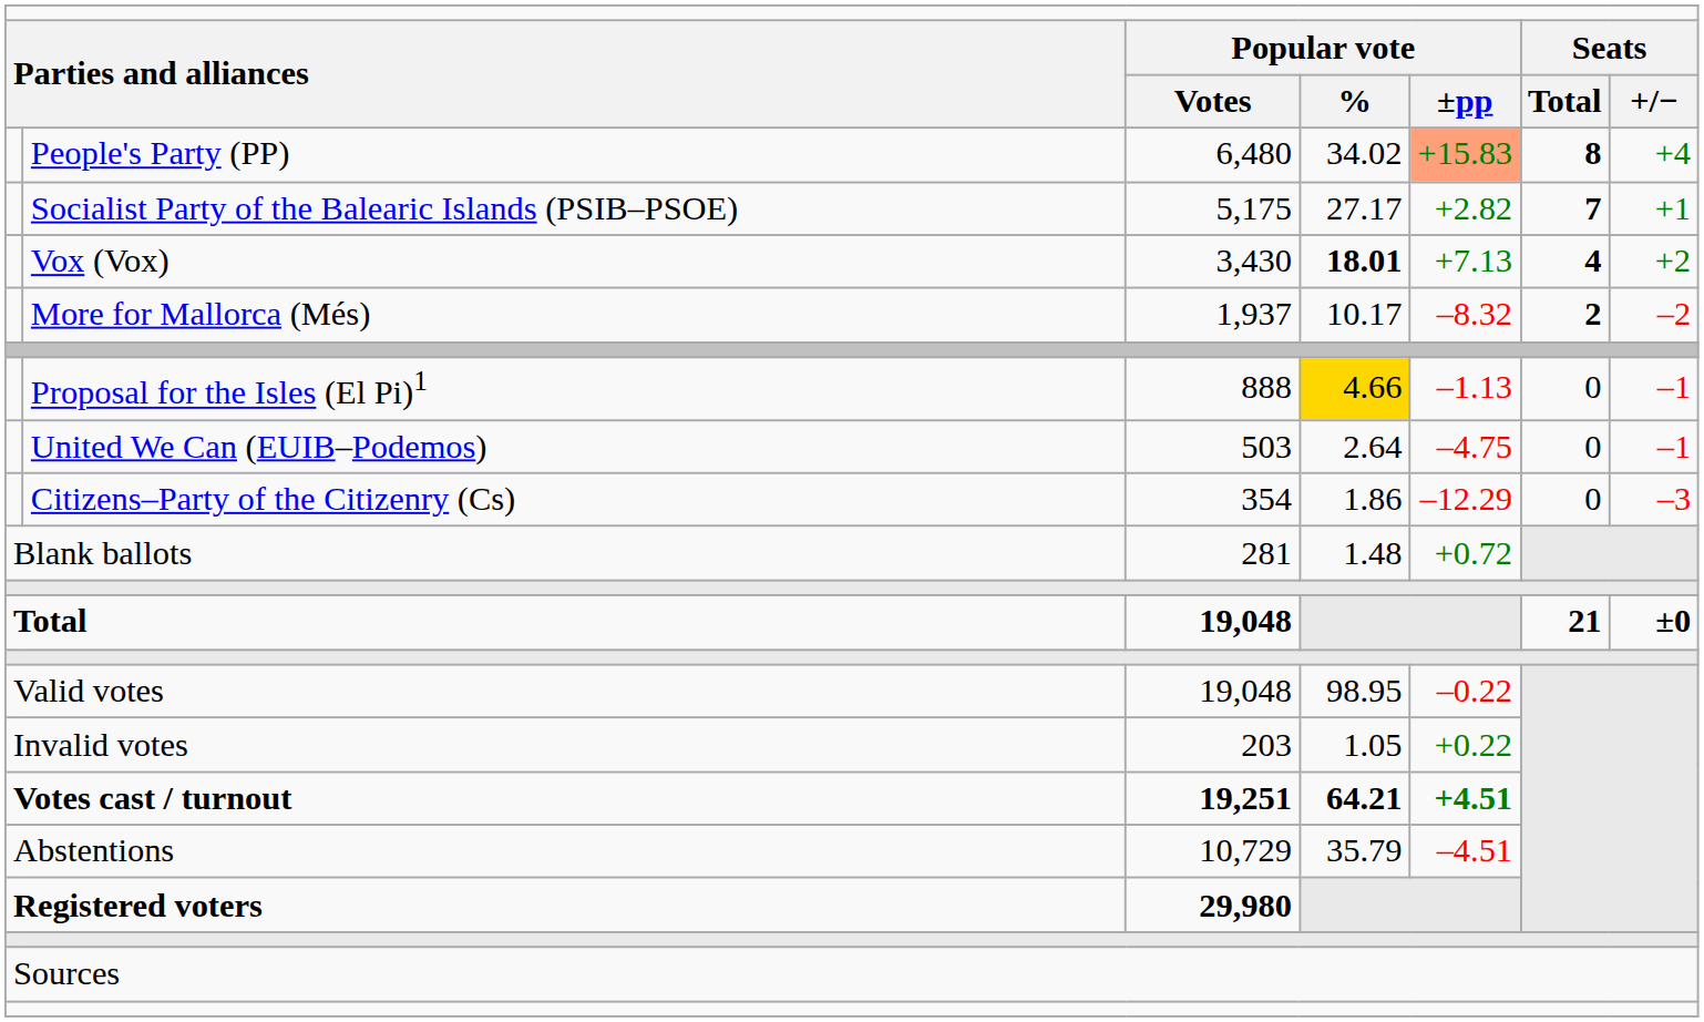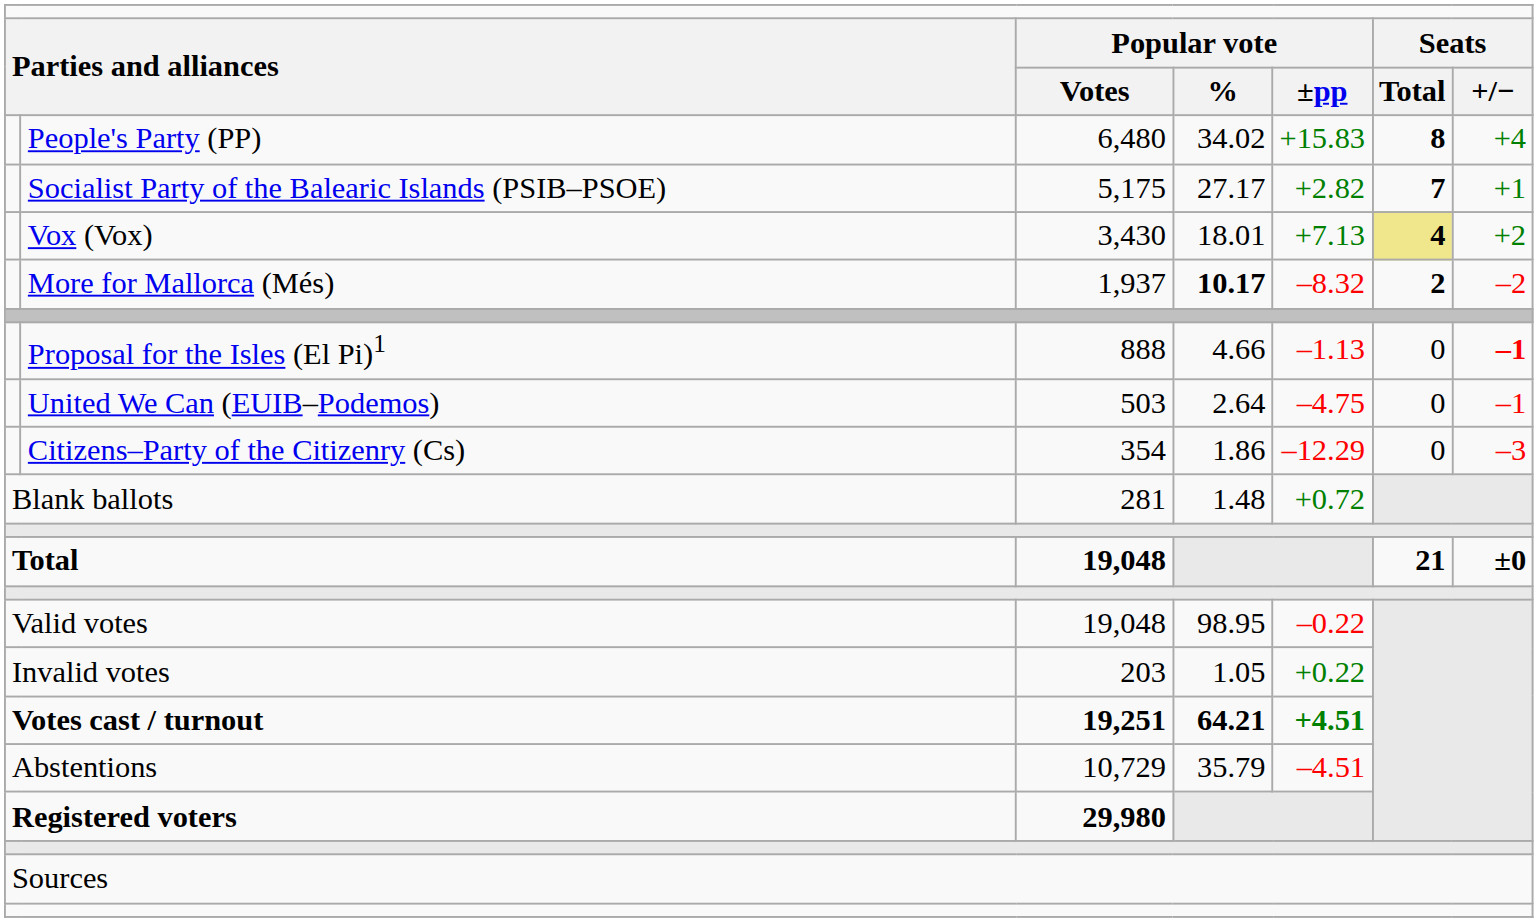 <table class="wikitable" style="text-align:right;">
 <tr>
 <td colspan="7"></td>
 </tr>
 <tr>
 <th style="text-align:left;" rowspan="2" colspan="2" width="525">Parties and alliances</th>
 <th colspan="3">Popular vote</th>
 <th colspan="2">Seats</th>
 </tr>
 <tr>
 <th width="75">Votes</th>
 <th width="45">%</th>
 <th width="45">±<a href='#'>pp</a></th>
 <th width="35">Total</th>
 <th width="35">+/−</th>
 </tr>
 <tr>
 <td width="1" style="color:inherit;background:"></td>
 <td align="left"><a href='#'>People's Party</a> (PP)</td>
 <td>6,480</td>
 <td>34.02</td>
-<td style="background: lightsalmon; color:green;">+15.83</td>
+<td style="color:green;">+15.83</td>
 <td><strong>8</strong></td>
 <td style="color:green;">+4</td>
 </tr>
 <tr>
 <td style="color:inherit;background:"></td>
 <td align="left"><a href='#'>Socialist Party of the Balearic Islands</a> (PSIB–PSOE)</td>
 <td>5,175</td>
 <td>27.17</td>
 <td style="color:green;">+2.82</td>
 <td><strong>7</strong></td>
 <td style="color:green;">+1</td>
 </tr>
 <tr>
 <td style="color:inherit;background:"></td>
 <td align="left"><a href='#'>Vox</a> (Vox)</td>
 <td>3,430</td>
-<td><strong>18.01</strong></td>
+<td>18.01</td>
 <td style="color:green;">+7.13</td>
-<td><strong>4</strong></td>
+<td style="background: khaki;"><strong>4</strong></td>
 <td style="color:green;">+2</td>
 </tr>
 <tr>
 <td style="color:inherit;background:"></td>
 <td align="left"><a href='#'>More for Mallorca</a> (Més)</td>
 <td>1,937</td>
-<td>10.17</td>
+<td><strong>10.17</strong></td>
 <td style="color:red;">–8.32</td>
 <td><strong>2</strong></td>
 <td style="color:red;">–2</td>
 </tr>
 <tr>
 <td colspan="7" bgcolor="#C0C0C0"></td>
 </tr>
 <tr>
 <td style="color:inherit;background:"></td>
 <td align="left"><a href='#'>Proposal for the Isles</a> (El Pi)<sup>1</sup></td>
 <td>888</td>
-<td style="background: gold;">4.66</td>
+<td>4.66</td>
 <td style="color:red;">–1.13</td>
 <td>0</td>
-<td style="color:red;">–1</td>
+<td style="color:red;"><strong>–1</strong></td>
 </tr>
 <tr>
 <td style="color:inherit;background:"></td>
 <td align="left"><a href='#'>United We Can</a> (<a href='#'>EUIB</a>–<a href='#'>Podemos</a>)</td>
 <td>503</td>
 <td>2.64</td>
 <td style="color:red;">–4.75</td>
 <td>0</td>
 <td style="color:red;">–1</td>
 </tr>
 <tr>
 <td style="color:inherit;background:"></td>
 <td align="left"><a href='#'>Citizens–Party of the Citizenry</a> (Cs)</td>
 <td>354</td>
 <td>1.86</td>
 <td style="color:red;">–12.29</td>
 <td>0</td>
 <td style="color:red;">–3</td>
 </tr>
 <tr>
 <td align="left" colspan="2">Blank ballots</td>
 <td>281</td>
 <td>1.48</td>
 <td style="color:green;">+0.72</td>
 <td bgcolor="#E9E9E9" colspan="2"></td>
 </tr>
 <tr>
 <td colspan="7" bgcolor="#E9E9E9"></td>
 </tr>
 <tr style="font-weight:bold;">
 <td align="left" colspan="2">Total</td>
 <td>19,048</td>
 <td bgcolor="#E9E9E9" colspan="2"></td>
 <td>21</td>
 <td>±0</td>
 </tr>
 <tr>
 <td colspan="7" bgcolor="#E9E9E9"></td>
 </tr>
 <tr>
 <td align="left" colspan="2">Valid votes</td>
 <td>19,048</td>
 <td>98.95</td>
 <td style="color:red;">–0.22</td>
 <td bgcolor="#E9E9E9" colspan="2" rowspan="5"></td>
 </tr>
 <tr>
 <td align="left" colspan="2">Invalid votes</td>
 <td>203</td>
 <td>1.05</td>
 <td style="color:green;">+0.22</td>
 </tr>
 <tr style="font-weight:bold;">
 <td align="left" colspan="2">Votes cast / turnout</td>
 <td>19,251</td>
 <td>64.21</td>
 <td style="color:green;">+4.51</td>
 </tr>
 <tr>
 <td align="left" colspan="2">Abstentions</td>
 <td>10,729</td>
 <td>35.79</td>
 <td style="color:red;">–4.51</td>
 </tr>
 <tr style="font-weight:bold;">
 <td align="left" colspan="2">Registered voters</td>
 <td>29,980</td>
 <td bgcolor="#E9E9E9" colspan="2"></td>
 </tr>
 <tr>
 <td colspan="7" bgcolor="#E9E9E9"></td>
 </tr>
 <tr>
 <td align="left" colspan="7">Sources</td>
 </tr>
 <tr>
 <td colspan="7" style="text-align:left; max-width:790px;"></td>
 </tr>
 </table>
